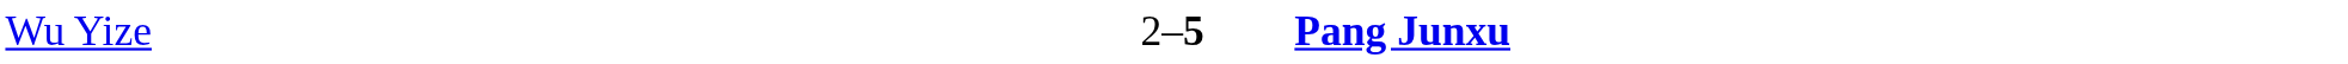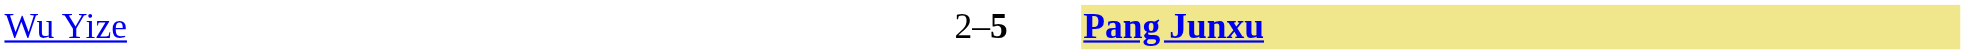 <table width="100%" cellspacing="1">
 <tr>
 <th width=45%></th>
 <th width=10%></th>
 <th width=45%></th>
 </tr>
 <tr>
 <td> <a href='#'>Wu Yize</a></td>
 <td align="center">2–<strong>5</strong></td>
-<td><strong> <a href='#'>Pang Junxu</a></strong></td>
+<td style="background: khaki;"><strong> <a href='#'>Pang Junxu</a></strong></td>
 </tr>
 </table>
